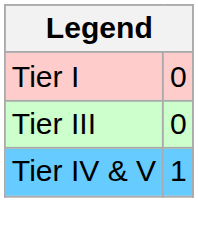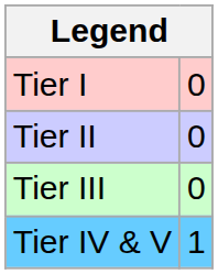 <table class="wikitable sortable mw-collapsible mw-collapsed">
 <tr>
 <th colspan=2>Legend</th>
 </tr>
 <tr style="background:#ffcccc;">
 <td>Tier I</td>
+<td align="center">0</td>
+</tr>
+<tr style="background:#ccccff;">
+<td>Tier II</td>
 <td align="center">0</td>
 </tr>
 <tr style="background:#ccffcc;">
 <td>Tier III</td>
 <td align="center">0</td>
 </tr>
 <tr style="background:#66ccff">
 <td>Tier IV & V</td>
 <td align="center">1</td>
 </tr>
 </table>
